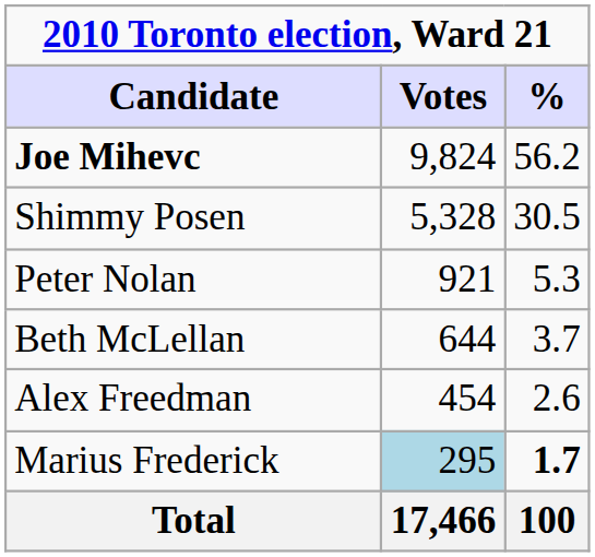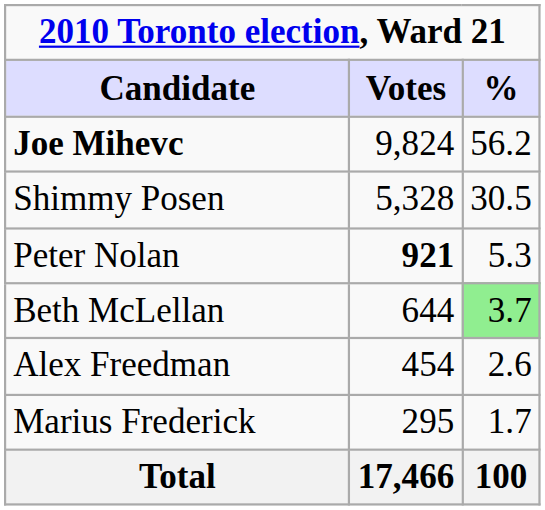 <table class="wikitable">
 <tr>
 <td colspan="3" style="text-align:center;"><strong><a href='#'>2010 Toronto election</a>, Ward 21</strong></td>
 </tr>
 <tr>
 <th style="background:#ddf; width:150px;">Candidate</th>
 <th style="background:#ddf;">Votes</th>
 <th style="background:#ddf;">%</th>
 </tr>
 <tr>
 <td><strong>Joe Mihevc</strong></td>
 <td align=right>9,824</td>
 <td align=right>56.2</td>
 </tr>
 <tr>
 <td>Shimmy Posen</td>
 <td align=right>5,328</td>
 <td align=right>30.5</td>
 </tr>
 <tr>
 <td>Peter Nolan</td>
-<td align=right>921</td>
+<td align=right><strong>921</strong></td>
 <td align=right>5.3</td>
 </tr>
 <tr>
 <td>Beth McLellan</td>
 <td align=right>644</td>
-<td align=right>3.7</td>
+<td align=right style="background: lightgreen;">3.7</td>
 </tr>
 <tr>
 <td>Alex Freedman</td>
 <td align=right>454</td>
 <td align=right>2.6</td>
 </tr>
 <tr>
 <td>Marius Frederick</td>
-<td align=right style="background: lightblue;">295</td>
-<td align=right><strong>1.7</strong></td>
+<td align=right>295</td>
+<td align=right>1.7</td>
 </tr>
 <tr>
 <th>Total</th>
 <th align=right>17,466</th>
 <th align=right>100</th>
 </tr>
 </table>
